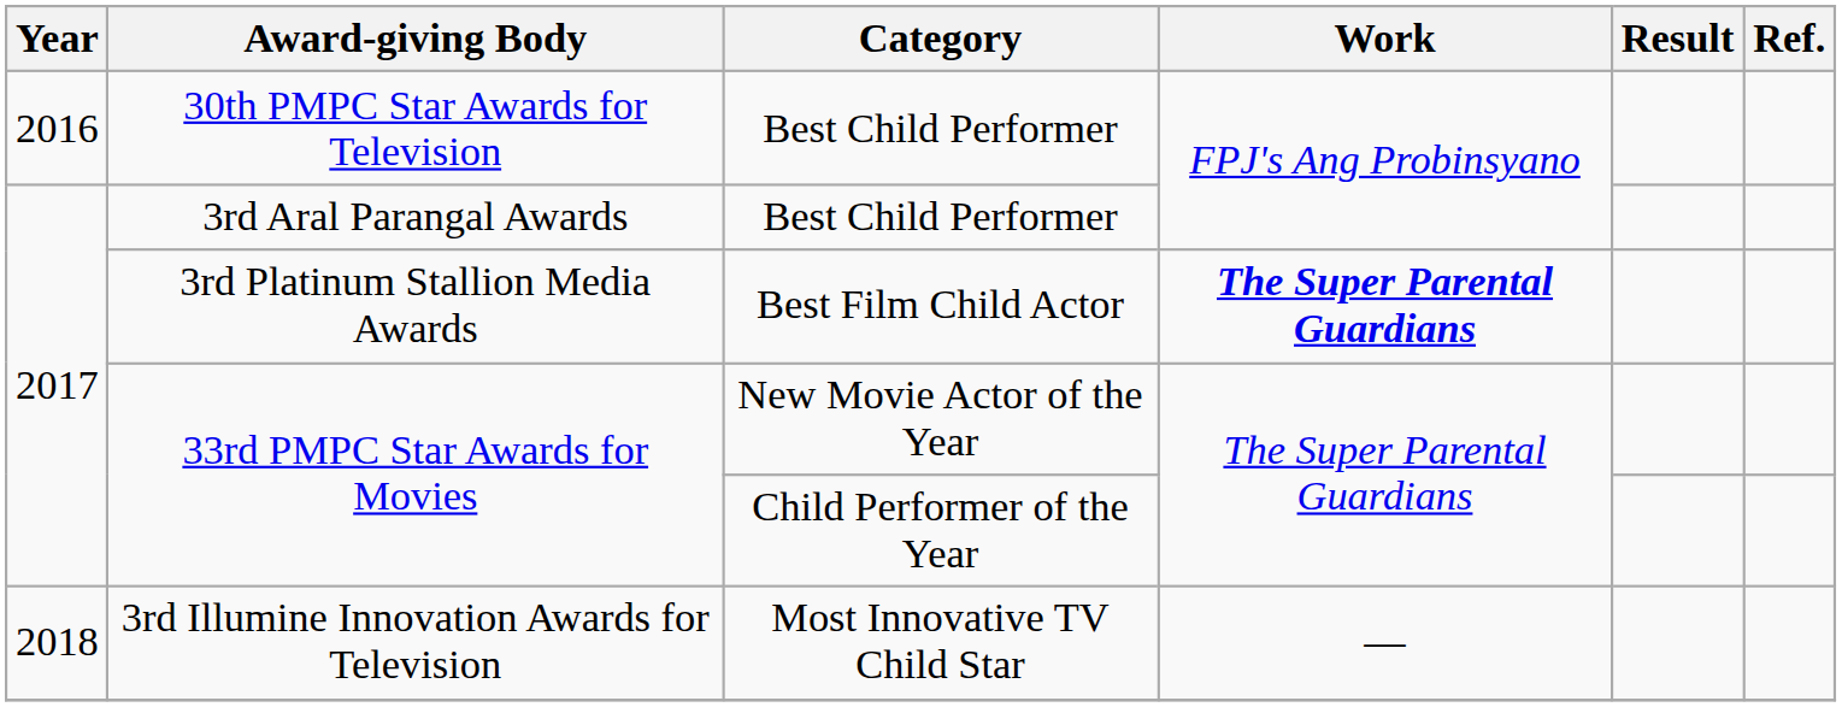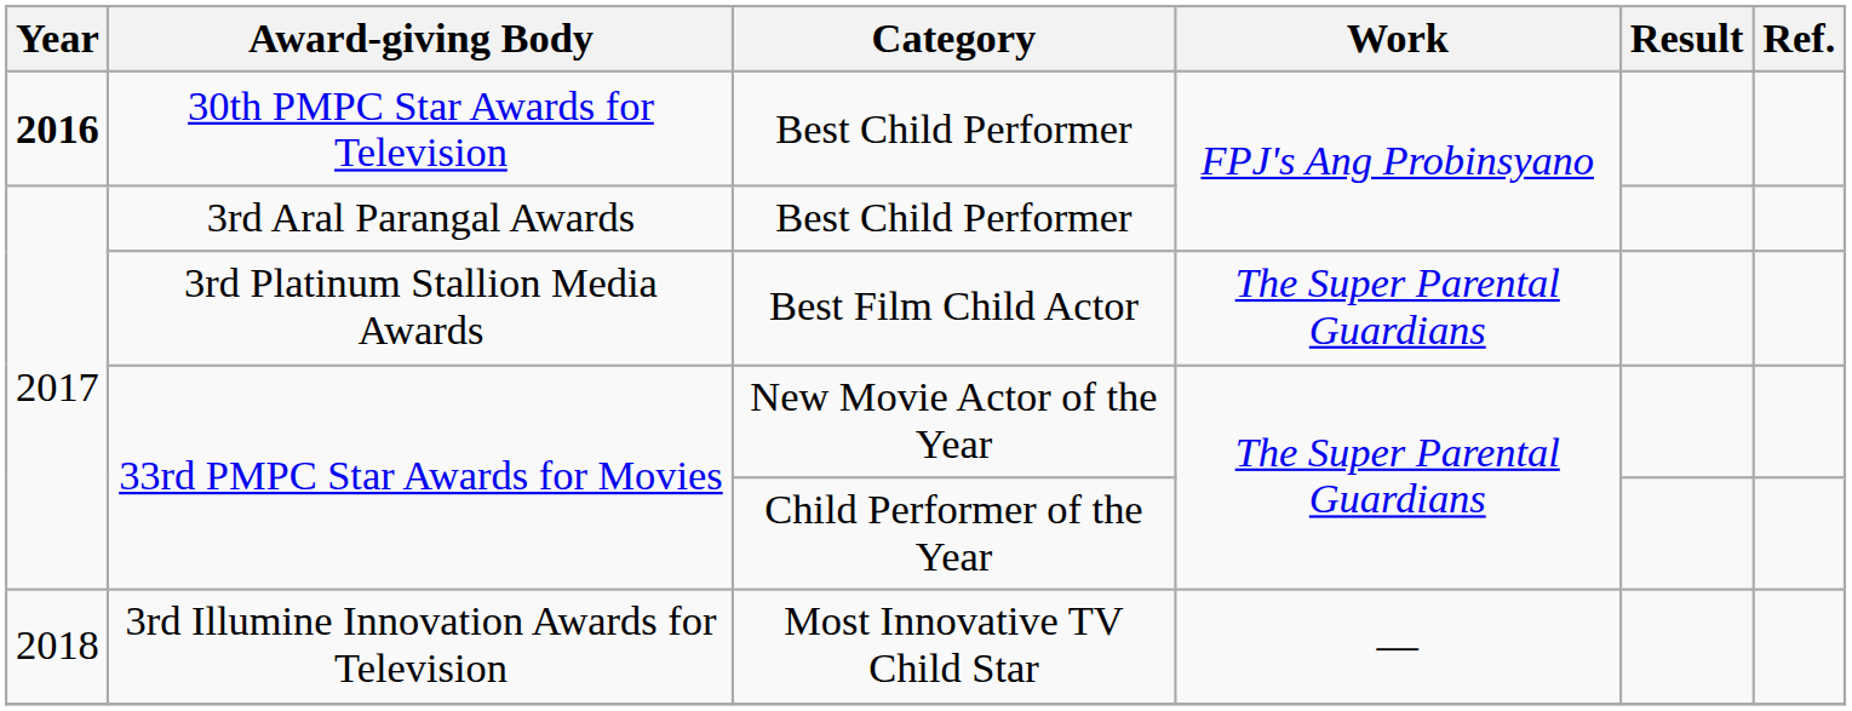 <table class="wikitable" style="text-align:center" width=80%>
 <tr>
 <th>Year</th>
 <th>Award-giving Body</th>
 <th>Category</th>
 <th>Work</th>
 <th>Result</th>
 <th>Ref.</th>
 </tr>
 <tr>
-<td>2016</td>
+<td><strong>2016</strong></td>
 <td><a href='#'>30th PMPC Star Awards for Television</a></td>
 <td>Best Child Performer</td>
 <td rowspan="2"><em><a href='#'>FPJ's Ang Probinsyano</a></em></td>
 <td></td>
 <td></td>
 </tr>
 <tr>
 <td rowspan="4">2017</td>
 <td>3rd Aral Parangal Awards</td>
 <td>Best Child Performer</td>
 <td></td>
 <td></td>
 </tr>
 <tr>
 <td>3rd Platinum Stallion Media Awards</td>
 <td>Best Film Child Actor</td>
-<td><strong><em><a href='#'>The Super Parental Guardians</a></em></strong></td>
+<td><em><a href='#'>The Super Parental Guardians</a></em></td>
 <td></td>
 <td></td>
 </tr>
 <tr>
 <td rowspan="2"><a href='#'>33rd PMPC Star Awards for Movies</a></td>
 <td>New Movie Actor of the Year</td>
 <td rowspan="2"><em><a href='#'>The Super Parental Guardians</a></em></td>
 <td></td>
 <td></td>
 </tr>
 <tr>
 <td>Child Performer of the Year</td>
 <td></td>
 <td></td>
 </tr>
 <tr>
 <td>2018</td>
 <td>3rd Illumine Innovation Awards for Television</td>
 <td>Most Innovative TV Child Star</td>
 <td>—</td>
 <td></td>
 <td></td>
 </tr>
 <tr>
 </tr>
 </table>
